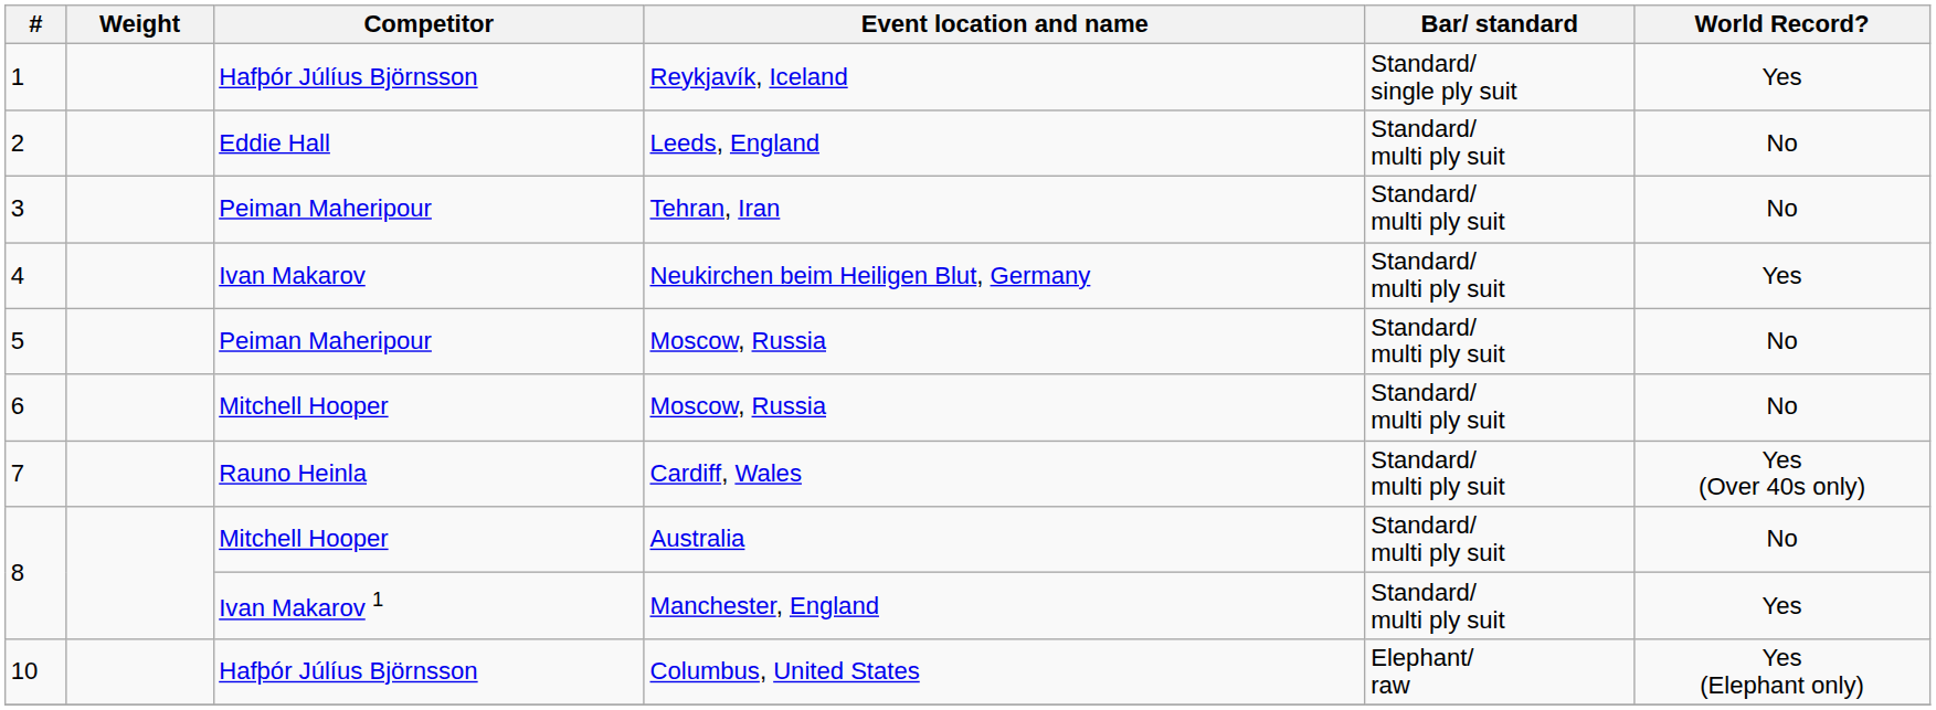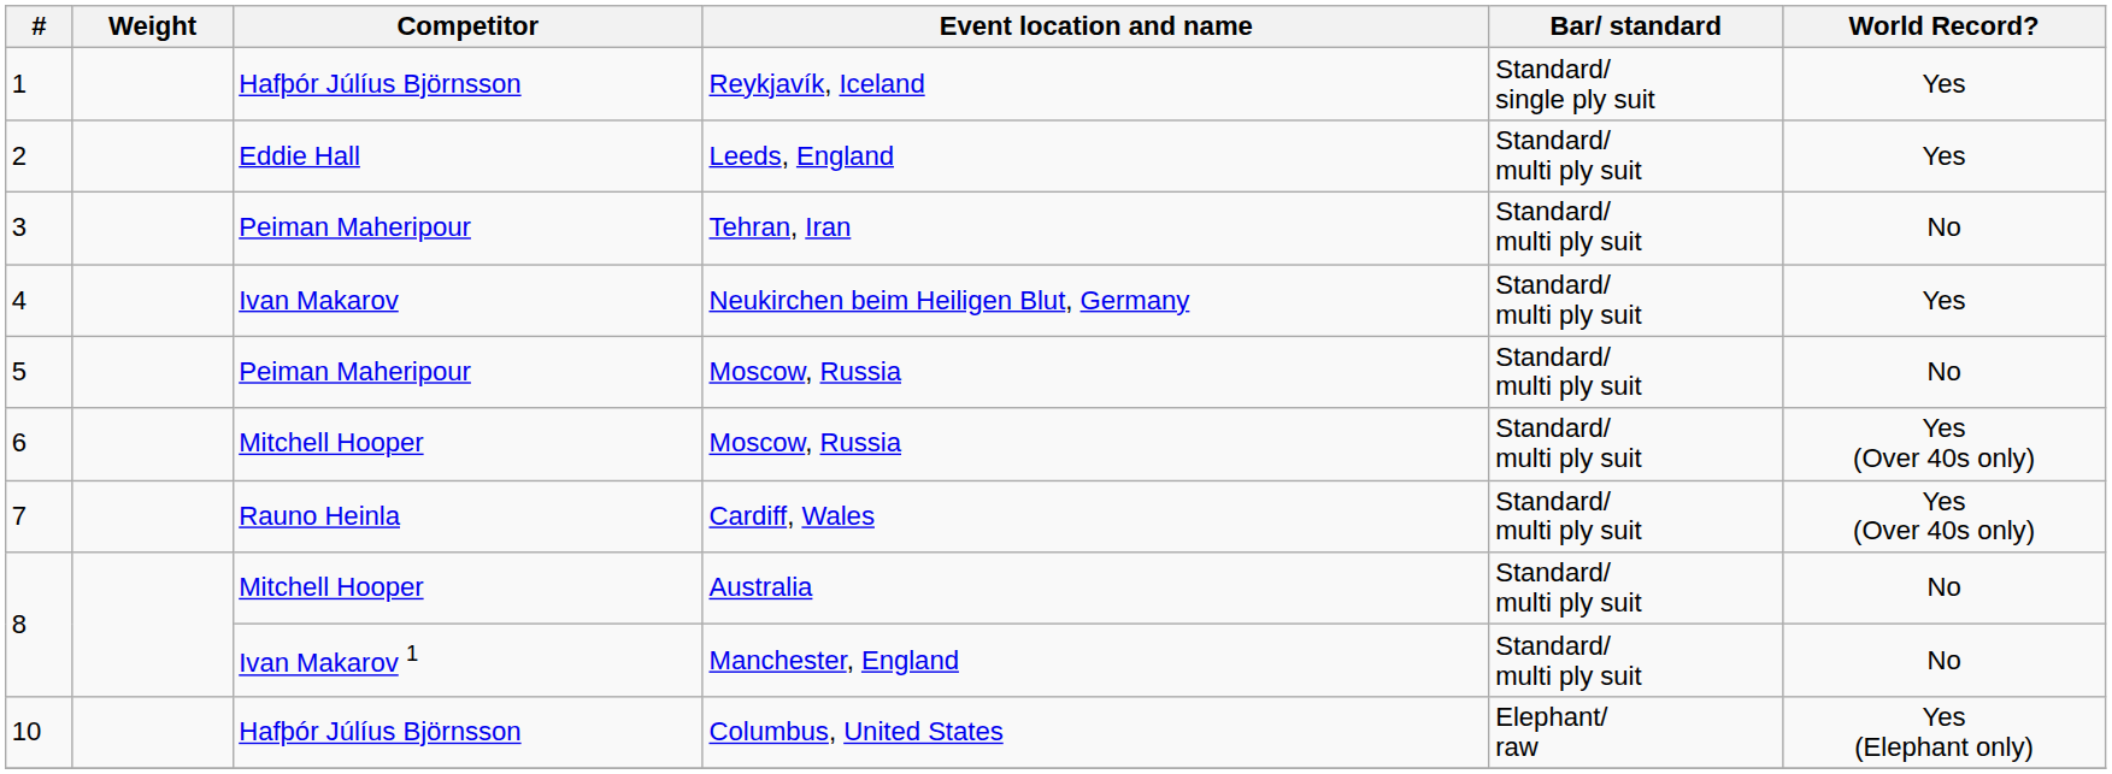 <table class="wikitable sortable" style="display: inline-table;width: 100%;">
 <tr>
 <th>#</th>
 <th>Weight</th>
 <th>Competitor</th>
 <th>Event location and name</th>
 <th>Bar/ standard</th>
 <th>World Record?</th>
 </tr>
 <tr>
 <td>1</td>
 <td></td>
 <td> <a href='#'>Hafþór Júlíus Björnsson</a></td>
 <td> <a href='#'>Reykjavík</a>, <a href='#'>Iceland</a> <br> </td>
 <td>Standard/<br>single ply suit</td>
 <td align=center>Yes</td>
 </tr>
 <tr>
 <td>2</td>
 <td></td>
 <td> <a href='#'>Eddie Hall</a></td>
 <td> <a href='#'>Leeds</a>, <a href='#'>England</a> <br> </td>
 <td>Standard/<br>multi ply suit</td>
-<td align=center>No</td>
+<td align=center>Yes</td>
 </tr>
 <tr>
 <td>3</td>
 <td></td>
 <td> <a href='#'>Peiman Maheripour</a></td>
 <td> <a href='#'>Tehran</a>, <a href='#'>Iran</a> <br> </td>
 <td>Standard/<br>multi ply suit</td>
 <td align=center>No</td>
 </tr>
 <tr>
 <td>4</td>
 <td></td>
 <td> <a href='#'>Ivan Makarov</a></td>
 <td> <a href='#'>Neukirchen beim Heiligen Blut</a>, <a href='#'>Germany</a> <br> </td>
 <td>Standard/<br>multi ply suit</td>
 <td align=center>Yes</td>
 </tr>
 <tr>
 <td>5</td>
 <td></td>
 <td> <a href='#'>Peiman Maheripour</a></td>
 <td> <a href='#'>Moscow</a>, <a href='#'>Russia</a> <br> </td>
 <td>Standard/<br>multi ply suit</td>
 <td align="center">No</td>
 </tr>
 <tr>
 <td>6</td>
 <td></td>
 <td> <a href='#'>Mitchell Hooper</a></td>
 <td> <a href='#'>Moscow</a>, <a href='#'>Russia</a> <br> </td>
 <td>Standard/<br>multi ply suit</td>
-<td align="center">No</td>
+<td align="center">Yes<br>(Over 40s only)</td>
 </tr>
 <tr>
 <td>7</td>
 <td></td>
 <td> <a href='#'>Rauno Heinla</a></td>
 <td> <a href='#'>Cardiff</a>, <a href='#'>Wales</a> <br> </td>
 <td>Standard/<br>multi ply suit</td>
 <td align="center">Yes<br>(Over 40s only)</td>
 </tr>
 <tr>
 <td rowspan="2">8</td>
 <td rowspan="2"></td>
 <td> <a href='#'>Mitchell Hooper</a></td>
 <td> <a href='#'>Australia</a> <br> </td>
 <td>Standard/<br>multi ply suit</td>
 <td align="center">No</td>
 </tr>
 <tr>
 <td> <a href='#'>Ivan Makarov</a> <sup> 1 </sup></td>
 <td> <a href='#'>Manchester</a>, <a href='#'>England</a> <br> </td>
 <td>Standard/<br>multi ply suit</td>
-<td align=center>Yes</td>
+<td align=center>No</td>
 </tr>
 <tr>
 <td>10</td>
 <td></td>
 <td> <a href='#'>Hafþór Júlíus Björnsson</a></td>
 <td> <a href='#'>Columbus</a>, <a href='#'>United States</a> <br> </td>
 <td>Elephant/<br>raw</td>
 <td align=center>Yes<br>(Elephant only)</td>
 </tr>
 <tr>
 </tr>
 </table>
